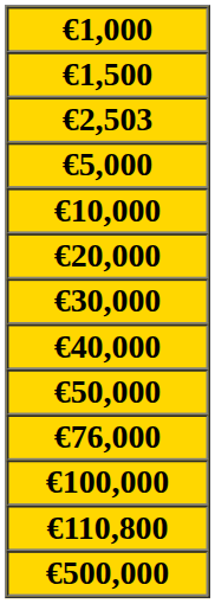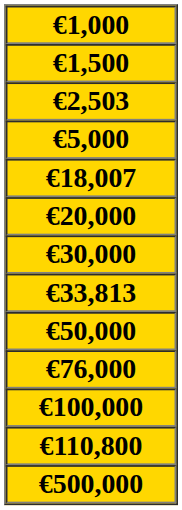 <table border=1 cellspacing=0 cellpadding=1 width=100px style="background:gold;text-align:center">
 <tr>
 <td><strong>€1,000</strong></td>
 </tr>
 <tr>
 <td><strong>€1,500</strong></td>
 </tr>
 <tr>
 <td><strong>€2,503</strong></td>
 </tr>
 <tr>
 <td><strong>€5,000</strong></td>
 </tr>
 <tr>
-<td><strong>€10,000</strong></td>
+<td><strong>€18,007</strong></td>
 </tr>
 <tr>
 <td><strong>€20,000</strong></td>
 </tr>
 <tr>
 <td><strong>€30,000</strong></td>
 </tr>
 <tr>
-<td><strong>€40,000</strong></td>
+<td><strong>€33,813</strong></td>
 </tr>
 <tr>
 <td><strong>€50,000</strong></td>
 </tr>
 <tr>
 <td><strong>€76,000</strong></td>
 </tr>
 <tr>
 <td><strong>€100,000</strong></td>
 </tr>
 <tr>
 <td><strong>€110,800</strong></td>
 </tr>
 <tr>
 <td><strong>€500,000</strong></td>
 </tr>
 </table>
